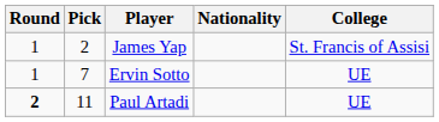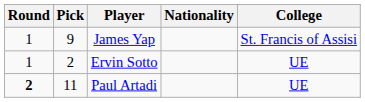 <table class="wikitable sortable sortable">
 <tr>
 <th>Round</th>
 <th>Pick</th>
 <th>Player</th>
 <th>Nationality</th>
 <th>College</th>
 </tr>
 <tr style="text-align: center">
 <td>1</td>
-<td>2</td>
+<td>9</td>
 <td><a href='#'>James Yap</a></td>
 <td></td>
 <td><a href='#'>St. Francis of Assisi</a></td>
 </tr>
 <tr style="text-align: center">
 <td>1</td>
-<td>7</td>
+<td>2</td>
 <td><a href='#'>Ervin Sotto</a></td>
 <td></td>
 <td><a href='#'>UE</a></td>
 </tr>
 <tr style="text-align: center">
 <td><strong>2</strong></td>
 <td>11</td>
 <td><a href='#'>Paul Artadi</a></td>
 <td></td>
 <td><a href='#'>UE</a></td>
 </tr>
 </table>
